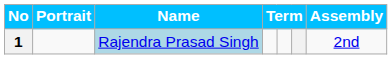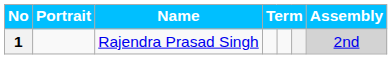 <table class="wikitable">
 <tr>
 <th style="background-color:#00BFFF; color:white">No</th>
 <th style="background-color:#00BFFF; color:white">Portrait</th>
 <th style="background-color:#00BFFF; color:white">Name</th>
 <th colspan="3" style="background-color:#00BFFF; color:white">Term</th>
 <th style="background-color:#00BFFF; color:white">Assembly</th>
 </tr>
 <tr style="text-align:center;">
 <th>1</th>
 <td></td>
-<td style="background: lightblue;"><a href='#'>Rajendra Prasad Singh</a></td>
+<td><a href='#'>Rajendra Prasad Singh</a></td>
 <td></td>
 <td></td>
 <th></th>
-<td><a href='#'>2nd</a></td>
+<td style="background: lightgrey;"><a href='#'>2nd</a></td>
 </tr>
 </table>
